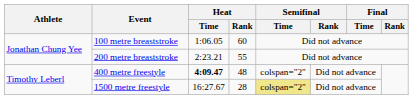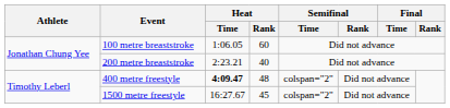 <table class="wikitable" style="text-align:center; font-size:90%; width:50%;">
 <tr>
 <th rowspan="2">Athlete</th>
 <th rowspan="2">Event</th>
 <th colspan="2">Heat</th>
 <th colspan="2">Semifinal</th>
 <th colspan="2">Final</th>
 </tr>
 <tr style="font-size:95%">
 <th>Time</th>
 <th>Rank</th>
 <th>Time</th>
 <th>Rank</th>
 <th>Time</th>
 <th>Rank</th>
 </tr>
 <tr>
 <td align=left rowspan=2><a href='#'>Jonathan Chung Yee</a></td>
 <td align=left><a href='#'>100 metre breaststroke</a></td>
 <td>1:06.05</td>
 <td>60</td>
 <td colspan=4>Did not advance</td>
 </tr>
 <tr>
 <td align=left><a href='#'>200 metre breaststroke</a></td>
 <td>2:23.21</td>
-<td>55</td>
+<td>40</td>
 <td colspan=4>Did not advance</td>
 </tr>
 <tr>
 <td align=left rowspan=2><a href='#'>Timothy Leberl</a></td>
 <td align=left><a href='#'>400 metre freestyle</a></td>
 <td><strong>4:09.47</strong></td>
 <td>48</td>
 <td>colspan="2" </td>
 <td colspan="2">Did not advance</td>
 </tr>
 <tr>
 <td align=left><a href='#'>1500 metre freestyle</a></td>
 <td>16:27.67</td>
-<td>28</td>
-<td style="background: khaki;">colspan="2" </td>
+<td>45</td>
+<td>colspan="2" </td>
 <td colspan="2">Did not advance</td>
 </tr>
 </table>
